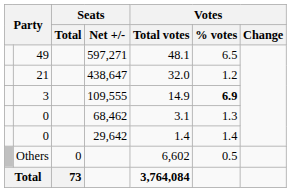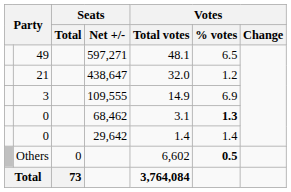 <table class="wikitable" style="text-align:right; font-size:95%;">
 <tr>
 <th colspan="2" rowspan="2">Party</th>
 <th colspan="2">Seats</th>
 <th colspan="3">Votes</th>
 </tr>
 <tr>
 <th>Total</th>
 <th>Net +/-</th>
 <th>Total votes</th>
 <th>% votes</th>
 <th>Change</th>
 </tr>
 <tr>
 <td></td>
 <td>49</td>
 <td></td>
 <td>597,271</td>
 <td>48.1</td>
 <td>6.5</td>
 </tr>
 <tr>
 <td></td>
 <td>21</td>
 <td></td>
 <td>438,647</td>
 <td>32.0</td>
 <td>1.2</td>
 </tr>
 <tr>
 <td></td>
 <td>3</td>
 <td></td>
 <td>109,555</td>
 <td>14.9</td>
-<td><strong>6.9</strong></td>
+<td>6.9</td>
 </tr>
 <tr>
 <td></td>
 <td>0</td>
 <td></td>
 <td>68,462</td>
 <td>3.1</td>
-<td>1.3</td>
+<td><strong>1.3</strong></td>
 </tr>
 <tr>
 <td></td>
 <td>0</td>
 <td></td>
 <td>29,642</td>
 <td>1.4</td>
 <td>1.4</td>
 </tr>
 <tr>
 <td style="background:silver;"> </td>
 <td align="left">Others</td>
 <td>0</td>
 <td></td>
 <td>6,602</td>
-<td>0.5</td>
+<td><strong>0.5</strong></td>
 <td></td>
 </tr>
 <tr>
 <th colspan="2" style="background:#f2f2f2">Total</th>
 <td style="background:#f2f2f2;"><strong>73</strong></td>
 <td></td>
 <td><strong>3,764,084</strong></td>
 <td></td>
 <td></td>
 </tr>
 </table>
